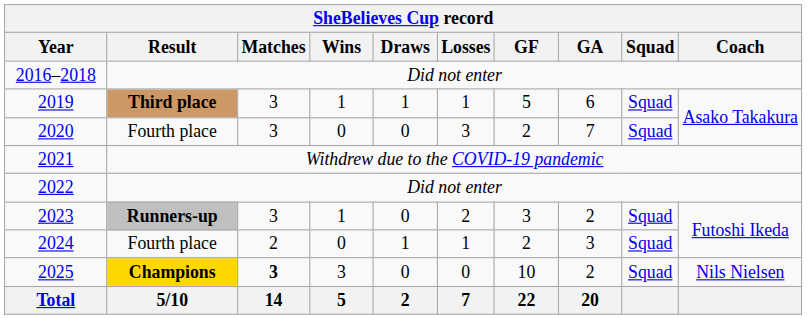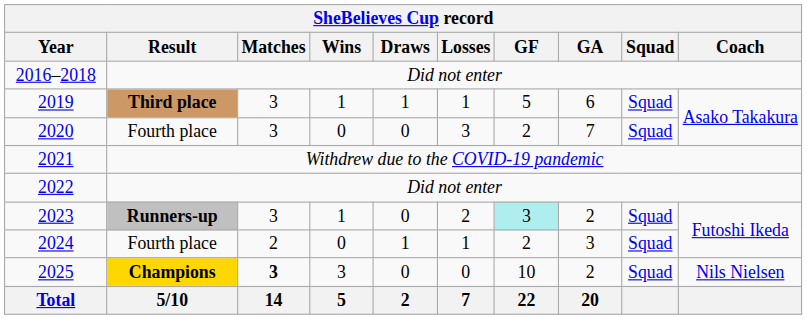 <table class="wikitable collapsible" style="text-align:center;">
 <tr>
 <th colspan=10> <strong><a href='#'>SheBelieves Cup</a> record</strong></th>
 </tr>
 <tr>
 <th width=85>Year</th>
 <th width=110>Result</th>
 <th>Matches</th>
 <th width=50>Wins</th>
 <th width=50>Draws</th>
 <th>Losses</th>
 <th width=50>GF</th>
 <th width=50>GA</th>
 <th>Squad</th>
 <th>Coach</th>
 </tr>
 <tr>
 <td><a href='#'>2016</a>–<a href='#'>2018</a></td>
 <td colspan=9><em>Did not enter</em></td>
 </tr>
 <tr>
 <td><a href='#'>2019</a></td>
 <td bgcolor=#c96><strong>Third place</strong></td>
 <td>3</td>
 <td>1</td>
 <td>1</td>
 <td>1</td>
 <td>5</td>
 <td>6</td>
 <td><a href='#'>Squad</a></td>
 <td rowspan=2><a href='#'>Asako Takakura</a></td>
 </tr>
 <tr>
 <td><a href='#'>2020</a></td>
 <td>Fourth place</td>
 <td>3</td>
 <td>0</td>
 <td>0</td>
 <td>3</td>
 <td>2</td>
 <td>7</td>
 <td><a href='#'>Squad</a></td>
 </tr>
 <tr>
 <td><a href='#'>2021</a></td>
 <td colspan=9><em>Withdrew due to the <a href='#'>COVID-19 pandemic</a></em></td>
 </tr>
 <tr>
 <td><a href='#'>2022</a></td>
 <td colspan=9><em>Did not enter</em></td>
 </tr>
 <tr>
 <td><a href='#'>2023</a></td>
 <td bgcolor=silver><strong>Runners-up</strong></td>
 <td>3</td>
 <td>1</td>
 <td>0</td>
 <td>2</td>
-<td>3</td>
+<td style="background: paleturquoise;">3</td>
 <td>2</td>
 <td><a href='#'>Squad</a></td>
 <td rowspan=2><a href='#'>Futoshi Ikeda</a></td>
 </tr>
 <tr>
 <td><a href='#'>2024</a></td>
 <td>Fourth place</td>
 <td>2</td>
 <td>0</td>
 <td>1</td>
 <td>1</td>
 <td>2</td>
 <td>3</td>
 <td><a href='#'>Squad</a></td>
 </tr>
 <tr>
 <td><a href='#'>2025</a></td>
 <td bgcolor=gold><strong>Champions</strong></td>
 <td><strong>3</strong></td>
 <td>3</td>
 <td>0</td>
 <td>0</td>
 <td>10</td>
 <td>2</td>
 <td><a href='#'>Squad</a></td>
 <td><a href='#'>Nils Nielsen</a></td>
 </tr>
 <tr class=sortbottom style="font-weight:bold;">
 <th><a href='#'>Total</a></th>
 <th>5/10</th>
 <th>14</th>
 <th>5</th>
 <th>2</th>
 <th>7</th>
 <th>22</th>
 <th>20</th>
 <th></th>
 <th></th>
 </tr>
 </table>
